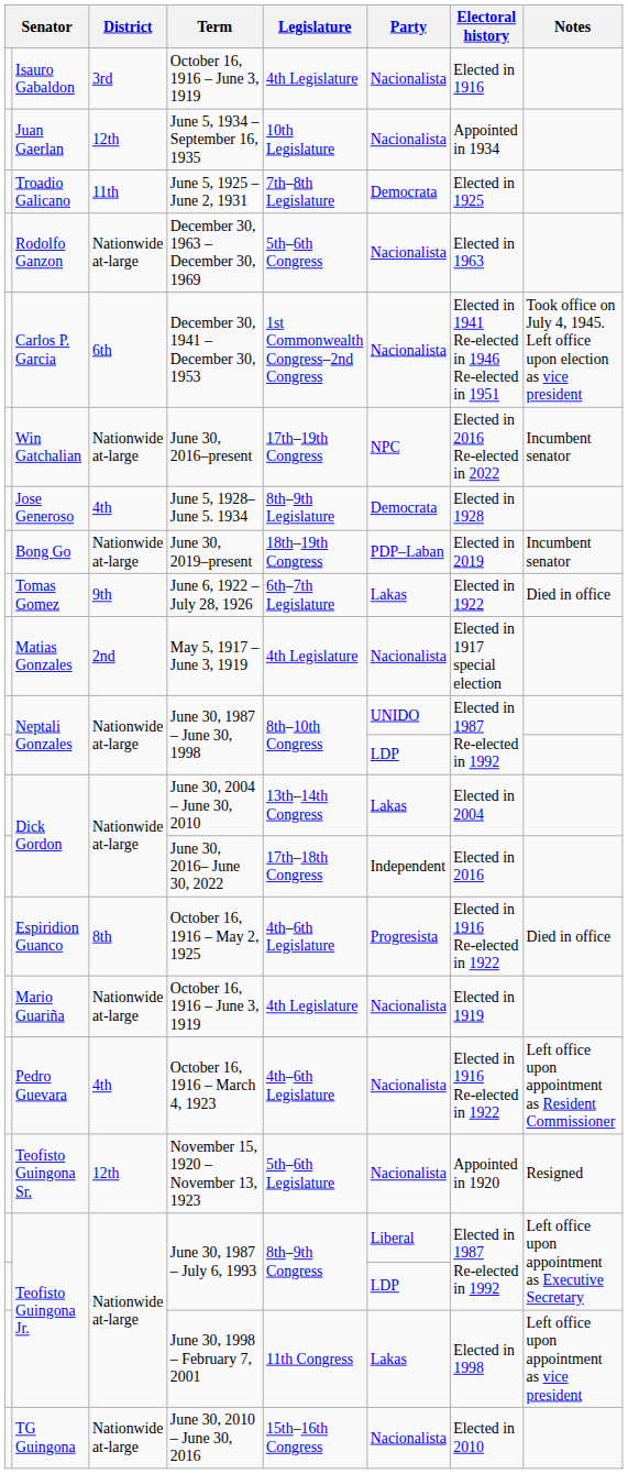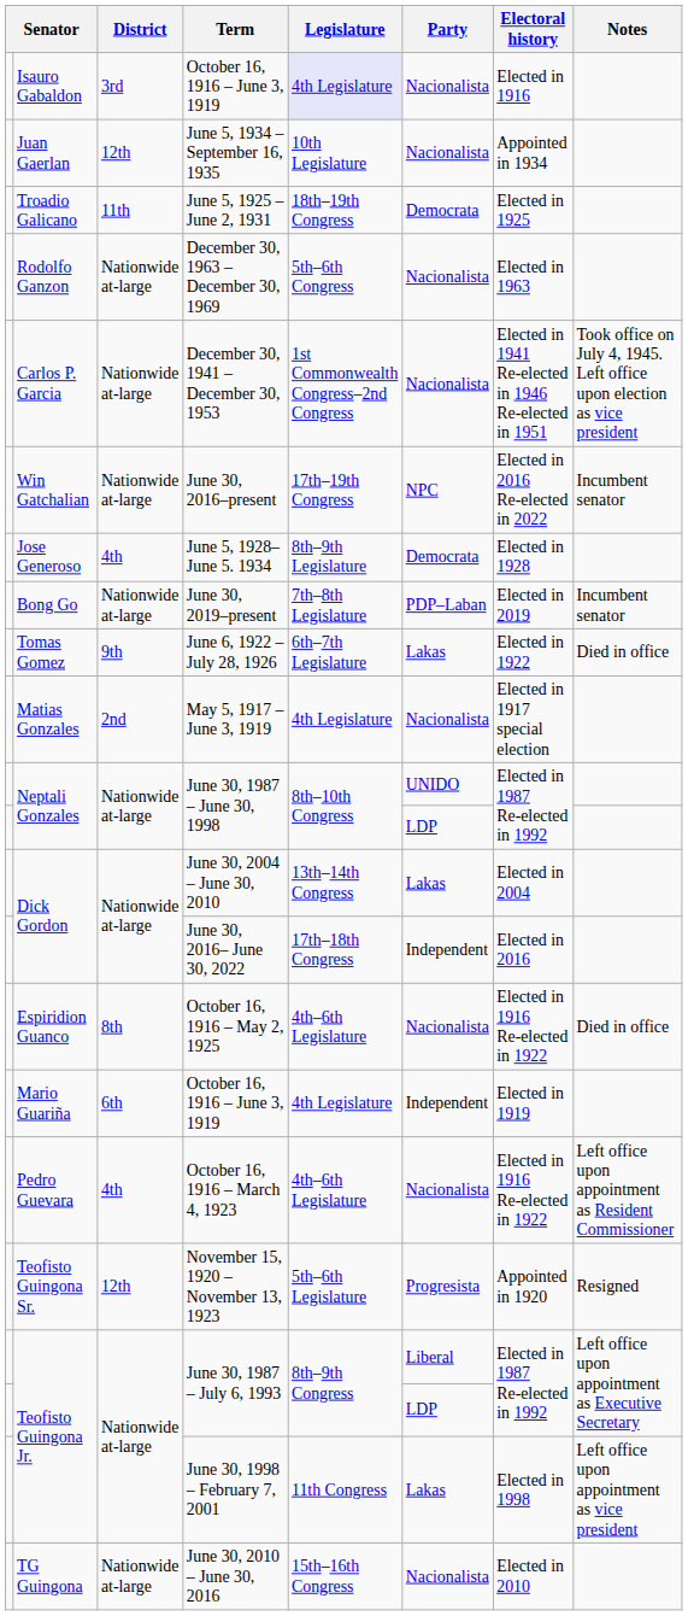 <table class="wikitable" style="font-size:95%" width=99%>
 <tr>
 <th width=15% colspan="2">Senator</th>
 <th width=8%><a href='#'>District</a></th>
 <th width=25%>Term</th>
 <th width=12%><a href='#'>Legislature</a></th>
 <th width=10%><a href='#'>Party</a></th>
 <th width=12.5%><a href='#'>Electoral history</a></th>
 <th width=17.5%>Notes</th>
 </tr>
 <tr>
 <td width=1% style="background-color:"></td>
 <td><a href='#'>Isauro Gabaldon</a></td>
 <td><a href='#'>3rd</a></td>
 <td>October 16, 1916 – June 3, 1919</td>
-<td><a href='#'>4th Legislature</a></td>
+<td style="background: lavender;"><a href='#'>4th Legislature</a></td>
 <td><a href='#'>Nacionalista</a></td>
 <td>Elected in <a href='#'>1916</a></td>
 <td></td>
 </tr>
 <tr>
 <td style="background-color:"></td>
 <td><a href='#'>Juan Gaerlan</a></td>
 <td><a href='#'>12th</a></td>
 <td>June 5, 1934 – September 16, 1935</td>
 <td><a href='#'>10th Legislature</a></td>
 <td><a href='#'>Nacionalista</a></td>
 <td>Appointed in 1934</td>
 <td></td>
 </tr>
 <tr>
 <td style="background-color:"></td>
 <td><a href='#'>Troadio Galicano</a></td>
 <td><a href='#'>11th</a></td>
 <td>June 5, 1925 – June 2, 1931</td>
-<td><a href='#'>7th</a>–<a href='#'>8th Legislature</a></td>
+<td><a href='#'>18th</a>–<a href='#'>19th Congress</a></td>
 <td><a href='#'>Democrata</a></td>
 <td>Elected in <a href='#'>1925</a></td>
 <td></td>
 </tr>
 <tr>
 <td style="background-color:"></td>
 <td><a href='#'>Rodolfo Ganzon</a></td>
 <td>Nationwide at-large</td>
 <td>December 30, 1963 – December 30, 1969</td>
 <td><a href='#'>5th</a>–<a href='#'>6th Congress</a></td>
 <td><a href='#'>Nacionalista</a></td>
 <td>Elected in <a href='#'>1963</a></td>
 <td></td>
 </tr>
 <tr>
 <td style="background-color:"></td>
 <td><a href='#'>Carlos P. Garcia</a></td>
-<td><a href='#'>6th</a></td>
+<td>Nationwide at-large</td>
 <td>December 30, 1941 – December 30, 1953</td>
 <td><a href='#'>1st Commonwealth Congress</a>–<a href='#'>2nd Congress</a></td>
 <td><a href='#'>Nacionalista</a></td>
 <td>Elected in <a href='#'>1941</a><br>Re-elected in <a href='#'>1946</a><br>Re-elected in <a href='#'>1951</a></td>
 <td>Took office on July 4, 1945. Left office upon election as <a href='#'>vice president</a></td>
 </tr>
 <tr>
 <td style="background-color:"></td>
 <td><a href='#'>Win Gatchalian</a></td>
 <td>Nationwide at-large</td>
 <td>June 30, 2016–present</td>
 <td><a href='#'>17th</a>–<a href='#'>19th Congress</a></td>
 <td><a href='#'>NPC</a></td>
 <td>Elected in <a href='#'>2016</a><br>Re-elected in <a href='#'>2022</a></td>
 <td>Incumbent senator</td>
 </tr>
 <tr>
 <td style="background-color:"></td>
 <td><a href='#'>Jose Generoso</a></td>
 <td><a href='#'>4th</a></td>
 <td>June 5, 1928–June 5. 1934</td>
 <td><a href='#'>8th</a>–<a href='#'>9th Legislature</a></td>
 <td><a href='#'>Democrata</a></td>
 <td>Elected in <a href='#'>1928</a></td>
 <td></td>
 </tr>
 <tr>
 <td style="background-color:"></td>
 <td><a href='#'>Bong Go</a></td>
 <td>Nationwide at-large</td>
 <td>June 30, 2019–present</td>
-<td><a href='#'>18th</a>–<a href='#'>19th Congress</a></td>
+<td><a href='#'>7th</a>–<a href='#'>8th Legislature</a></td>
 <td><a href='#'>PDP–Laban</a></td>
 <td>Elected in <a href='#'>2019</a></td>
 <td>Incumbent senator</td>
 </tr>
 <tr>
 <td style="background-color:"></td>
 <td><a href='#'>Tomas Gomez</a></td>
 <td><a href='#'>9th</a></td>
 <td>June 6, 1922 – July 28, 1926</td>
 <td><a href='#'>6th</a>–<a href='#'>7th Legislature</a></td>
 <td><a href='#'>Lakas</a></td>
 <td>Elected in <a href='#'>1922</a></td>
 <td>Died in office</td>
 </tr>
 <tr>
 <td style="background-color:"></td>
 <td><a href='#'>Matias Gonzales</a></td>
 <td><a href='#'>2nd</a></td>
 <td>May 5, 1917 – June 3, 1919</td>
 <td><a href='#'>4th Legislature</a></td>
 <td><a href='#'>Nacionalista</a></td>
 <td>Elected in 1917 special election</td>
 <td></td>
 </tr>
 <tr>
 <td style="background-color:"></td>
 <td rowspan="2"><a href='#'>Neptali Gonzales</a></td>
 <td rowspan="2">Nationwide at-large</td>
 <td rowspan="2">June 30, 1987 – June 30, 1998</td>
 <td rowspan="2"><a href='#'>8th</a>–<a href='#'>10th Congress</a></td>
 <td><a href='#'>UNIDO</a></td>
 <td rowspan="2">Elected in <a href='#'>1987</a><br>Re-elected in <a href='#'>1992</a></td>
 <td></td>
 </tr>
 <tr>
 <td style="background-color:"></td>
 <td><a href='#'>LDP</a></td>
 <td></td>
 </tr>
 <tr>
 <td style="background-color:"></td>
 <td rowspan="2"><a href='#'>Dick Gordon</a></td>
 <td rowspan="2">Nationwide at-large</td>
 <td>June 30, 2004 – June 30, 2010</td>
 <td><a href='#'>13th</a>–<a href='#'>14th Congress</a></td>
 <td><a href='#'>Lakas</a></td>
 <td>Elected in <a href='#'>2004</a></td>
 <td></td>
 </tr>
 <tr>
 <td style="background-color:"></td>
 <td>June 30, 2016– June 30, 2022</td>
 <td><a href='#'>17th</a>–<a href='#'>18th Congress</a></td>
 <td>Independent</td>
 <td>Elected in <a href='#'>2016</a></td>
 <td></td>
 </tr>
 <tr>
 <td style="background-color:"></td>
 <td><a href='#'>Espiridion Guanco</a></td>
 <td><a href='#'>8th</a></td>
 <td>October 16, 1916 – May 2, 1925</td>
 <td><a href='#'>4th</a>–<a href='#'>6th Legislature</a></td>
-<td><a href='#'>Progresista</a></td>
+<td><a href='#'>Nacionalista</a></td>
 <td>Elected in <a href='#'>1916</a><br>Re-elected in <a href='#'>1922</a></td>
 <td>Died in office</td>
 </tr>
 <tr>
 <td style="background-color:"></td>
 <td><a href='#'>Mario Guariña</a></td>
-<td>Nationwide at-large</td>
+<td><a href='#'>6th</a></td>
 <td>October 16, 1916 – June 3, 1919</td>
 <td><a href='#'>4th Legislature</a></td>
-<td><a href='#'>Nacionalista</a></td>
+<td>Independent</td>
 <td>Elected in <a href='#'>1919</a></td>
 <td></td>
 </tr>
 <tr>
 <td style="background-color:"></td>
 <td><a href='#'>Pedro Guevara</a></td>
 <td><a href='#'>4th</a></td>
 <td>October 16, 1916 – March 4, 1923</td>
 <td><a href='#'>4th</a>–<a href='#'>6th Legislature</a></td>
 <td><a href='#'>Nacionalista</a></td>
 <td>Elected in <a href='#'>1916</a><br>Re-elected in <a href='#'>1922</a></td>
 <td>Left office upon appointment as <a href='#'>Resident Commissioner</a></td>
 </tr>
 <tr>
 <td style="background-color:"></td>
 <td><a href='#'>Teofisto Guingona Sr.</a></td>
 <td><a href='#'>12th</a></td>
 <td>November 15, 1920 – November 13, 1923</td>
 <td><a href='#'>5th</a>–<a href='#'>6th Legislature</a></td>
-<td><a href='#'>Nacionalista</a></td>
+<td><a href='#'>Progresista</a></td>
 <td>Appointed in 1920</td>
 <td>Resigned</td>
 </tr>
 <tr>
 <td style="background-color:"></td>
 <td rowspan="3"><a href='#'>Teofisto Guingona Jr.</a></td>
 <td rowspan="3">Nationwide at-large</td>
 <td rowspan="2">June 30, 1987 – July 6, 1993</td>
 <td rowspan="2"><a href='#'>8th</a>–<a href='#'>9th Congress</a></td>
 <td><a href='#'>Liberal</a></td>
 <td rowspan="2">Elected in <a href='#'>1987</a><br>Re-elected in <a href='#'>1992</a></td>
 <td rowspan="2">Left office upon appointment as <a href='#'>Executive Secretary</a></td>
 </tr>
 <tr>
 <td style="background-color:"></td>
 <td><a href='#'>LDP</a></td>
 </tr>
 <tr>
 <td style="background-color:"></td>
 <td>June 30, 1998 – February 7, 2001</td>
 <td><a href='#'>11th Congress</a></td>
 <td><a href='#'>Lakas</a></td>
 <td>Elected in <a href='#'>1998</a></td>
 <td>Left office upon appointment as <a href='#'>vice president</a></td>
 </tr>
 <tr>
 <td style="background-color:"></td>
 <td><a href='#'>TG Guingona</a></td>
 <td>Nationwide at-large</td>
 <td>June 30, 2010 – June 30, 2016</td>
 <td><a href='#'>15th</a>–<a href='#'>16th Congress</a></td>
 <td><a href='#'>Nacionalista</a></td>
 <td>Elected in <a href='#'>2010</a></td>
 <td></td>
 </tr>
 </table>
